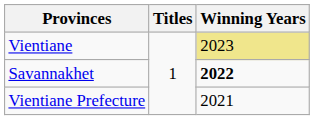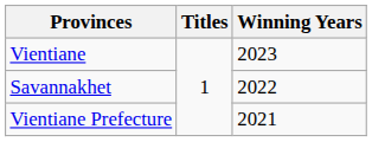 <table class="wikitable" style="font-size: 95%;">
 <tr>
 <th bgcolor="#efefef">Provinces</th>
 <th bgcolor="#efefef">Titles</th>
 <th bgcolor="#efefef">Winning Years</th>
 </tr>
 <tr>
 <td><a href='#'>Vientiane</a></td>
 <td rowspan="3" align="center">1</td>
-<td style="background: khaki;">2023</td>
+<td>2023</td>
 </tr>
 <tr>
 <td><a href='#'>Savannakhet</a></td>
-<td><strong>2022</strong></td>
+<td>2022</td>
 </tr>
 <tr>
 <td><a href='#'>Vientiane Prefecture</a></td>
 <td>2021</td>
 </tr>
 </table>
